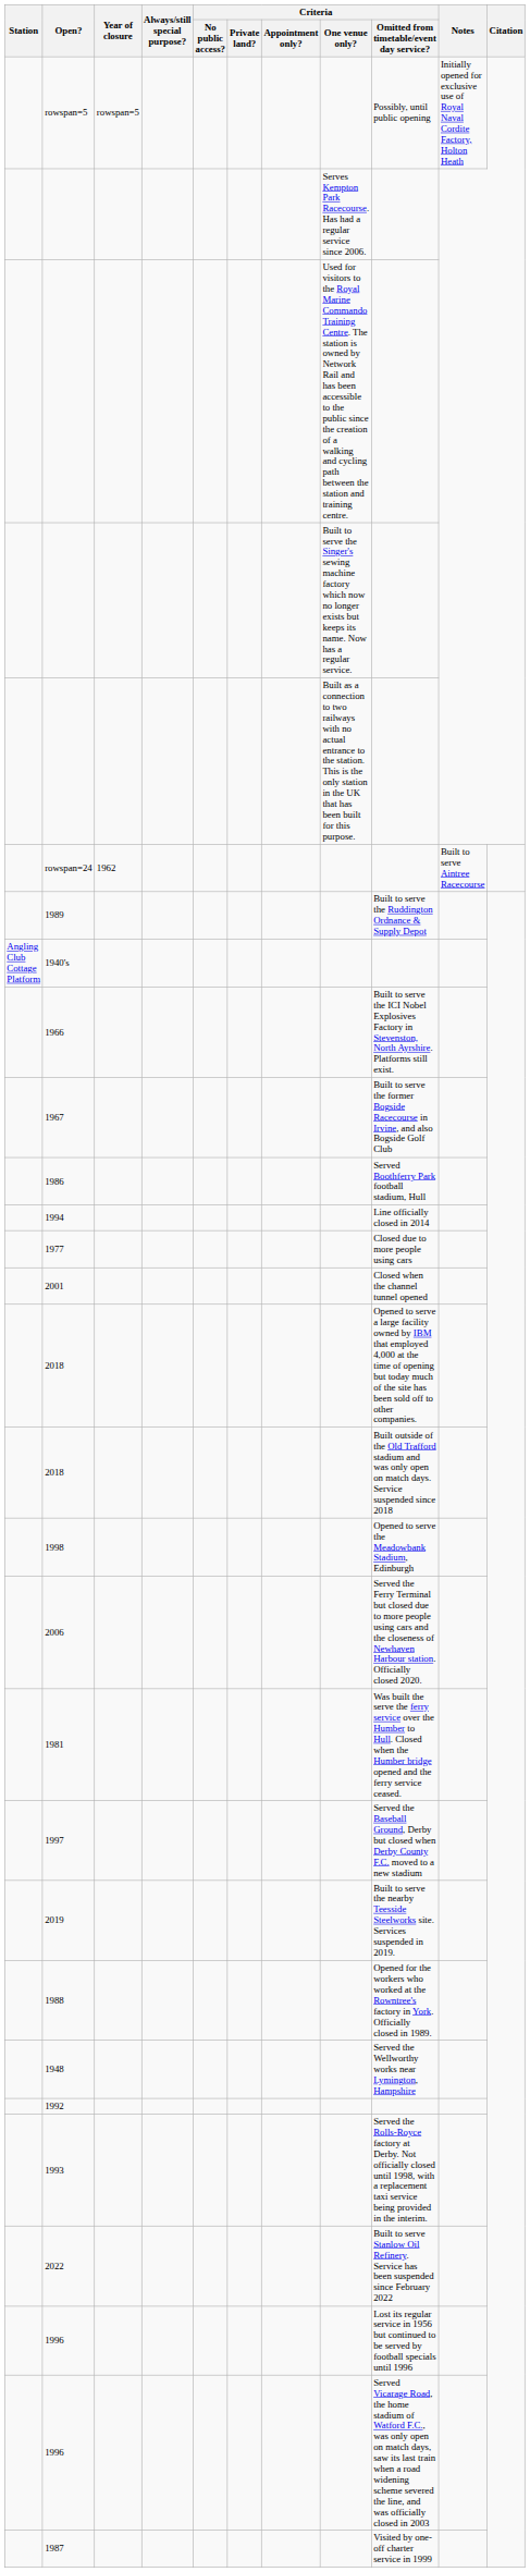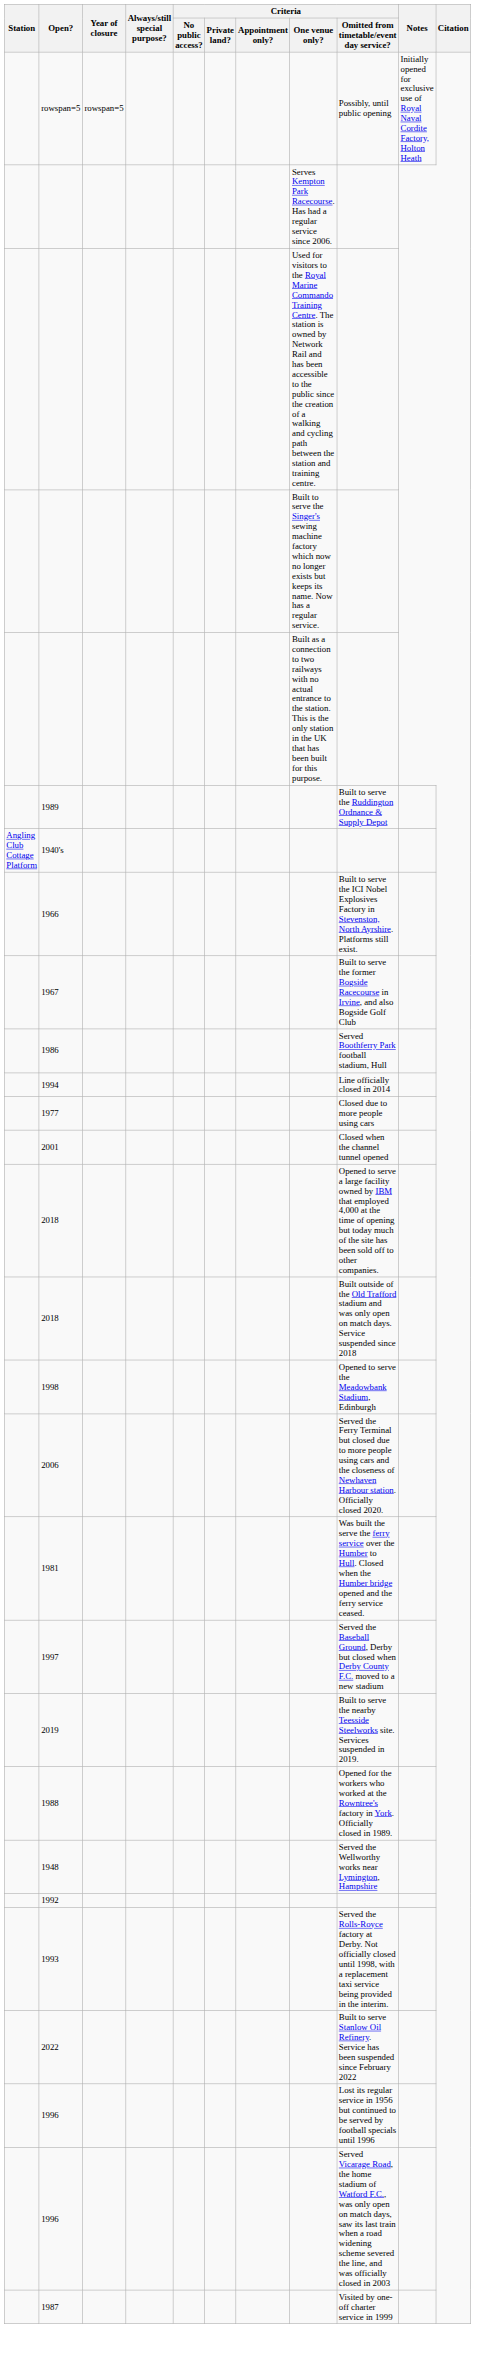 <table class="wikitable sortable">
 <tr>
 <th scope="col" rowspan=2>Station</th>
 <th scope="col" rowspan=2>Open?</th>
 <th scope="col" rowspan=2>Year of closure</th>
 <th scope="col" rowspan=2>Always/still special purpose?</th>
 <th scope="col" colspan=5>Criteria</th>
 <th scope="col" rowspan=2 class="unsortable">Notes</th>
 <th scope="col" rowspan=2 class="unsortable">Citation</th>
 </tr>
 <tr>
 <th scope="col">No public access?</th>
 <th scope="col">Private land?</th>
 <th scope="col">Appointment only?</th>
 <th scope="col">One venue only?</th>
 <th scope="col">Omitted from timetable/event day service?</th>
 </tr>
 <tr>
 <td></td>
 <td>rowspan=5 </td>
 <td>rowspan=5 </td>
 <td></td>
 <td></td>
 <td></td>
 <td></td>
 <td></td>
 <td>Possibly, until public opening</td>
 <td>Initially opened for exclusive use of <a href='#'>Royal Naval Cordite Factory, Holton Heath</a></td>
 </tr>
 <tr>
 <td></td>
 <td></td>
 <td></td>
 <td></td>
 <td></td>
 <td></td>
 <td></td>
 <td>Serves <a href='#'>Kempton Park Racecourse</a>.  Has had a regular service since 2006.</td>
 <td></td>
 </tr>
 <tr>
 <td></td>
 <td></td>
 <td></td>
 <td></td>
 <td></td>
 <td></td>
 <td></td>
 <td>Used for visitors to the <a href='#'>Royal Marine</a> <a href='#'>Commando Training Centre</a>. The station is owned by Network Rail and has been accessible to the public since the creation of a walking and cycling path between the station and training centre.</td>
 <td></td>
 </tr>
 <tr>
 <td></td>
 <td></td>
 <td></td>
 <td></td>
 <td></td>
 <td></td>
 <td></td>
 <td>Built to serve the <a href='#'>Singer's</a> sewing machine factory which now no longer exists but keeps its name. Now has a regular service.</td>
 <td></td>
 </tr>
 <tr>
 <td></td>
 <td></td>
 <td></td>
 <td></td>
 <td></td>
 <td></td>
 <td></td>
 <td>Built as a connection to two railways with no actual entrance to the station. This is the only station in the UK that has been built for this purpose.</td>
-<td></td>
-</tr>
-<tr>
-<td></td>
-<td>rowspan=24 </td>
-<td>1962</td>
-<td></td>
-<td></td>
-<td></td>
-<td></td>
-<td></td>
-<td></td>
-<td>Built to serve <a href='#'>Aintree Racecourse</a></td>
 <td></td>
 </tr>
 <tr>
 <td></td>
 <td>1989</td>
 <td></td>
 <td></td>
 <td></td>
 <td></td>
 <td></td>
 <td></td>
 <td>Built to serve the <a href='#'>Ruddington Ordnance & Supply Depot</a></td>
 <td></td>
 </tr>
 <tr>
 <td><a href='#'>Angling Club Cottage Platform</a></td>
 <td>1940's</td>
 <td></td>
 <td></td>
 <td></td>
 <td></td>
 <td></td>
 <td></td>
 <td></td>
 <td></td>
 </tr>
 <tr>
 <td></td>
 <td>1966</td>
 <td></td>
 <td></td>
 <td></td>
 <td></td>
 <td></td>
 <td></td>
 <td>Built to serve the ICI Nobel Explosives Factory in <a href='#'>Stevenston, North Ayrshire</a>. Platforms still exist.</td>
 <td></td>
 </tr>
 <tr>
 <td></td>
 <td>1967</td>
 <td></td>
 <td></td>
 <td></td>
 <td></td>
 <td></td>
 <td></td>
 <td>Built to serve the former <a href='#'>Bogside Racecourse</a> in <a href='#'>Irvine</a>, and also Bogside Golf Club</td>
 <td></td>
 </tr>
 <tr>
 <td></td>
 <td>1986</td>
 <td></td>
 <td></td>
 <td></td>
 <td></td>
 <td></td>
 <td></td>
 <td>Served <a href='#'>Boothferry Park</a> football stadium, Hull</td>
 <td></td>
 </tr>
 <tr>
 <td></td>
 <td>1994</td>
 <td></td>
 <td></td>
 <td></td>
 <td></td>
 <td></td>
 <td></td>
 <td>Line officially closed in 2014</td>
 <td></td>
 </tr>
 <tr>
 <td></td>
 <td>1977</td>
 <td></td>
 <td></td>
 <td></td>
 <td></td>
 <td></td>
 <td></td>
 <td>Closed due to more people using cars</td>
 <td></td>
 </tr>
 <tr>
 <td></td>
 <td>2001</td>
 <td></td>
 <td></td>
 <td></td>
 <td></td>
 <td></td>
 <td></td>
 <td>Closed when the channel tunnel opened</td>
 <td></td>
 </tr>
 <tr>
 <td></td>
 <td>2018</td>
 <td></td>
 <td></td>
 <td></td>
 <td></td>
 <td></td>
 <td></td>
 <td>Opened to serve a large facility owned by <a href='#'>IBM</a> that employed 4,000 at the time of opening but today much of the site has been sold off to other companies.</td>
 <td></td>
 </tr>
 <tr>
 <td></td>
 <td>2018</td>
 <td></td>
 <td></td>
 <td></td>
 <td></td>
 <td></td>
 <td></td>
 <td>Built outside of the <a href='#'>Old Trafford</a> stadium and was only open on match days. Service suspended since 2018</td>
 <td></td>
 </tr>
 <tr>
 <td></td>
 <td>1998</td>
 <td></td>
 <td></td>
 <td></td>
 <td></td>
 <td></td>
 <td></td>
 <td>Opened to serve the <a href='#'>Meadowbank Stadium</a>, Edinburgh</td>
 <td></td>
 </tr>
 <tr>
 <td></td>
 <td>2006</td>
 <td></td>
 <td></td>
 <td></td>
 <td></td>
 <td></td>
 <td></td>
 <td>Served the Ferry Terminal but closed due to more people using cars and the closeness of <a href='#'>Newhaven Harbour station</a>. Officially closed 2020.</td>
 <td></td>
 </tr>
 <tr>
 <td></td>
 <td>1981</td>
 <td></td>
 <td></td>
 <td></td>
 <td></td>
 <td></td>
 <td></td>
 <td>Was built the serve the <a href='#'>ferry service</a> over the <a href='#'>Humber</a> to <a href='#'>Hull</a>. Closed when the <a href='#'>Humber bridge</a> opened and the ferry service ceased.</td>
 <td></td>
 </tr>
 <tr>
 <td></td>
 <td>1997</td>
 <td></td>
 <td></td>
 <td></td>
 <td></td>
 <td></td>
 <td></td>
 <td>Served the <a href='#'>Baseball Ground</a>, Derby but closed when <a href='#'>Derby County F.C.</a> moved to a new stadium</td>
 <td></td>
 </tr>
 <tr>
 <td></td>
 <td>2019</td>
 <td></td>
 <td></td>
 <td></td>
 <td></td>
 <td></td>
 <td></td>
 <td>Built to serve the nearby <a href='#'>Teesside Steelworks</a> site. Services suspended in 2019.</td>
 <td></td>
 </tr>
 <tr>
 <td></td>
 <td>1988</td>
 <td></td>
 <td></td>
 <td></td>
 <td></td>
 <td></td>
 <td></td>
 <td>Opened for the workers who worked at the <a href='#'>Rowntree's</a> factory in <a href='#'>York</a>.  Officially closed in 1989.</td>
 <td></td>
 </tr>
 <tr>
 <td></td>
 <td>1948</td>
 <td></td>
 <td></td>
 <td></td>
 <td></td>
 <td></td>
 <td></td>
 <td>Served the Wellworthy works near <a href='#'>Lymington</a>, <a href='#'>Hampshire</a></td>
 <td></td>
 </tr>
 <tr>
 <td></td>
 <td>1992</td>
 <td></td>
 <td></td>
 <td></td>
 <td></td>
 <td></td>
 <td></td>
 <td></td>
 <td></td>
 </tr>
 <tr>
 <td></td>
 <td>1993</td>
 <td></td>
 <td></td>
 <td></td>
 <td></td>
 <td></td>
 <td></td>
 <td>Served the <a href='#'>Rolls-Royce</a> factory at Derby.  Not officially closed until 1998, with a replacement taxi service being provided in the interim.</td>
 <td></td>
 </tr>
 <tr>
 <td></td>
 <td>2022</td>
 <td></td>
 <td></td>
 <td></td>
 <td></td>
 <td></td>
 <td></td>
 <td>Built to serve <a href='#'>Stanlow Oil Refinery</a>. Service has been suspended since February 2022</td>
 <td></td>
 </tr>
 <tr>
 <td></td>
 <td>1996</td>
 <td></td>
 <td></td>
 <td></td>
 <td></td>
 <td></td>
 <td></td>
 <td>Lost its regular service in 1956 but continued to be served by football specials until 1996</td>
 <td></td>
 </tr>
 <tr>
 <td></td>
 <td>1996</td>
 <td></td>
 <td></td>
 <td></td>
 <td></td>
 <td></td>
 <td></td>
 <td>Served <a href='#'>Vicarage Road</a>, the home stadium of <a href='#'>Watford F.C.</a>, was only open on match days, saw its last train when a road widening scheme severed the line, and was officially closed in 2003</td>
 <td></td>
 </tr>
 <tr>
 <td></td>
 <td>1987</td>
 <td></td>
 <td></td>
 <td></td>
 <td></td>
 <td></td>
 <td></td>
 <td>Visited by one-off charter service in 1999</td>
 <td></td>
 </tr>
 </table>
